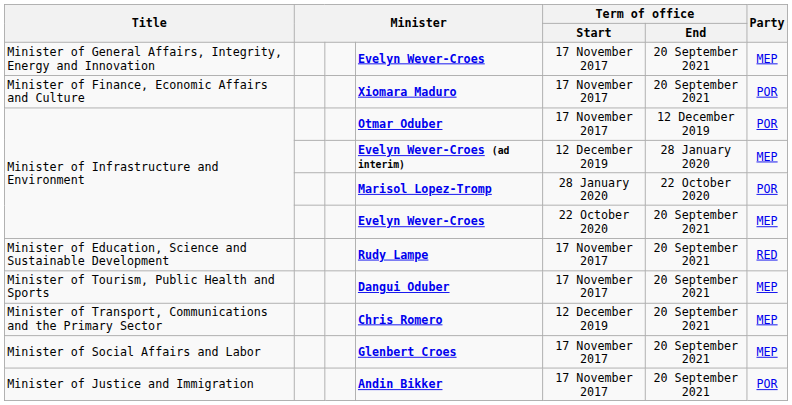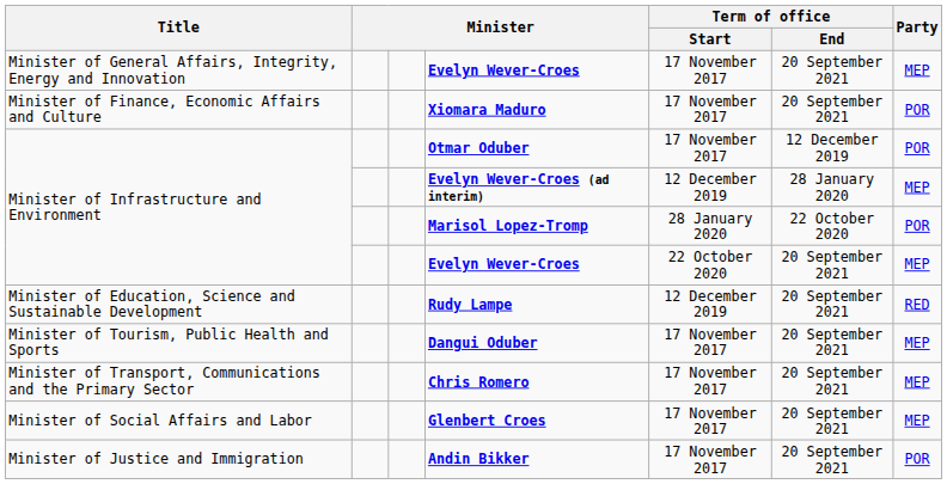 <table class="wikitable sortable" style="text-align:left">
 <tr>
 <th rowspan="2" width="37%">Title</th>
 <th colspan="3" rowspan="2">Minister</th>
 <th colspan="2">Term of office</th>
 <th rowspan="2" width="5%">Party</th>
 </tr>
 <tr>
 <th width="13%" data-sort-type=date>Start</th>
 <th width="13%" data-sort-type=date>End</th>
 </tr>
 <tr>
 <td>Minister of General Affairs, Integrity, Energy and Innovation</td>
 <td style="background:"></td>
 <td></td>
 <td width="24%"><strong><a href='#'>Evelyn Wever-Croes</a></strong></td>
 <td style="text-align:center">17 November 2017</td>
 <td style="text-align:center">20 September 2021</td>
 <td style="text-align:center"><a href='#'>MEP</a></td>
 </tr>
 <tr>
 <td>Minister of Finance, Economic Affairs and Culture</td>
 <td style="background:"></td>
 <td></td>
 <td><strong><a href='#'>Xiomara Maduro</a></strong></td>
 <td style="text-align:center">17 November 2017</td>
 <td style="text-align:center">20 September 2021</td>
 <td style="text-align:center"><a href='#'>POR</a></td>
 </tr>
 <tr>
 <td rowspan="4">Minister of Infrastructure and Environment</td>
 <td style="background:"></td>
 <td></td>
 <td><strong><a href='#'>Otmar Oduber</a></strong></td>
 <td style="text-align:center">17 November 2017</td>
 <td style="text-align:center">12 December 2019</td>
 <td style="text-align:center"><a href='#'>POR</a></td>
 </tr>
 <tr>
 <td style="background:"></td>
 <td></td>
 <td width="24%"><strong><a href='#'>Evelyn Wever-Croes</a> <small>(ad interim)</small></strong></td>
 <td style="text-align:center">12 December 2019</td>
 <td style="text-align:center">28 January 2020</td>
 <td style="text-align:center"><a href='#'>MEP</a></td>
 </tr>
 <tr>
 <td style="background:"></td>
 <td></td>
 <td><strong><a href='#'>Marisol Lopez-Tromp</a></strong></td>
 <td style="text-align:center">28 January 2020</td>
 <td style="text-align:center">22 October 2020</td>
 <td style="text-align:center"><a href='#'>POR</a></td>
 </tr>
 <tr>
 <td style="background:"></td>
 <td></td>
 <td width="24%"><strong><a href='#'>Evelyn Wever-Croes</a></strong></td>
 <td style="text-align:center">22 October 2020</td>
 <td style="text-align:center">20 September 2021</td>
 <td style="text-align:center"><a href='#'>MEP</a></td>
 </tr>
 <tr>
 <td>Minister of Education, Science and Sustainable Development</td>
 <td style="background:"></td>
 <td></td>
 <td width="24%"><strong><a href='#'>Rudy Lampe</a></strong></td>
-<td style="text-align:center">17 November 2017</td>
+<td style="text-align:center">12 December 2019</td>
 <td style="text-align:center">20 September 2021</td>
 <td style="text-align:center"><a href='#'>RED</a></td>
 </tr>
 <tr>
 <td>Minister of Tourism, Public Health and Sports</td>
 <td style="background:"></td>
 <td></td>
 <td width="24%"><strong><a href='#'>Dangui Oduber</a></strong></td>
 <td style="text-align:center">17 November 2017</td>
 <td style="text-align:center">20 September 2021</td>
 <td style="text-align:center"><a href='#'>MEP</a></td>
 </tr>
 <tr>
 <td>Minister of Transport, Communications and the Primary Sector</td>
 <td style="background:"></td>
 <td></td>
 <td width="24%"><strong><a href='#'>Chris Romero</a></strong></td>
-<td style="text-align:center">12 December 2019</td>
+<td style="text-align:center">17 November 2017</td>
 <td style="text-align:center">20 September 2021</td>
 <td style="text-align:center"><a href='#'>MEP</a></td>
 </tr>
 <tr>
 <td>Minister of Social Affairs and Labor</td>
 <td style="background:"></td>
 <td></td>
 <td width="24%"><strong><a href='#'>Glenbert Croes</a></strong></td>
 <td style="text-align:center">17 November 2017</td>
 <td style="text-align:center">20 September 2021</td>
 <td style="text-align:center"><a href='#'>MEP</a></td>
 </tr>
 <tr>
 <td>Minister of Justice and Immigration</td>
 <td style="background:"></td>
 <td></td>
 <td><strong><a href='#'>Andin Bikker</a></strong></td>
 <td style="text-align:center">17 November 2017</td>
 <td style="text-align:center">20 September 2021</td>
 <td style="text-align:center"><a href='#'>POR</a></td>
 </tr>
 </table>
